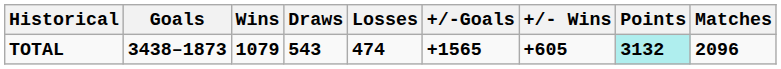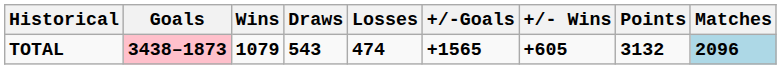 <table class="wikitable">
 <tr>
 <th>Historical</th>
 <th>Goals</th>
 <th>Wins</th>
 <th>Draws</th>
 <th>Losses</th>
 <th>+/-Goals</th>
 <th>+/- Wins</th>
 <th>Points</th>
 <th>Matches</th>
 </tr>
 <tr>
 <td><strong>TOTAL</strong></td>
-<td><strong>3438–1873</strong></td>
+<td style="background: pink;"><strong>3438–1873</strong></td>
 <td><strong>1079</strong></td>
 <td><strong>543</strong></td>
 <td><strong>474</strong></td>
 <td><strong>+1565</strong></td>
 <td><strong>+605</strong></td>
-<td style="background: paleturquoise;"><strong>3132</strong></td>
-<td><strong>2096</strong></td>
+<td><strong>3132</strong></td>
+<td style="background: lightblue;"><strong>2096</strong></td>
 </tr>
 </table>
